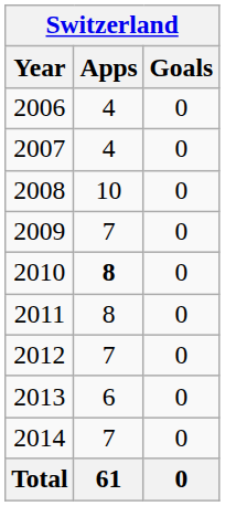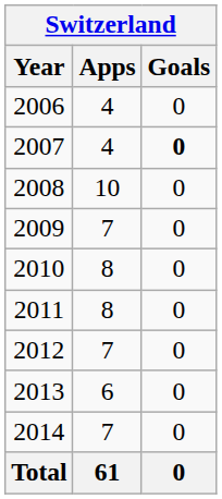 <table class="wikitable" style="text-align:center">
 <tr>
 <th colspan=3><a href='#'>Switzerland</a></th>
 </tr>
 <tr>
 <th>Year</th>
 <th>Apps</th>
 <th>Goals</th>
 </tr>
 <tr>
 <td>2006</td>
 <td>4</td>
 <td>0</td>
 </tr>
 <tr>
 <td>2007</td>
 <td>4</td>
-<td>0</td>
+<td><strong>0</strong></td>
 </tr>
 <tr>
 <td>2008</td>
 <td>10</td>
 <td>0</td>
 </tr>
 <tr>
 <td>2009</td>
 <td>7</td>
 <td>0</td>
 </tr>
 <tr>
 <td>2010</td>
-<td><strong>8</strong></td>
+<td>8</td>
 <td>0</td>
 </tr>
 <tr>
 <td>2011</td>
 <td>8</td>
 <td>0</td>
 </tr>
 <tr>
 <td>2012</td>
 <td>7</td>
 <td>0</td>
 </tr>
 <tr>
 <td>2013</td>
 <td>6</td>
 <td>0</td>
 </tr>
 <tr>
 <td>2014</td>
 <td>7</td>
 <td>0</td>
 </tr>
 <tr>
 <th>Total</th>
 <th>61</th>
 <th>0</th>
 </tr>
 </table>
